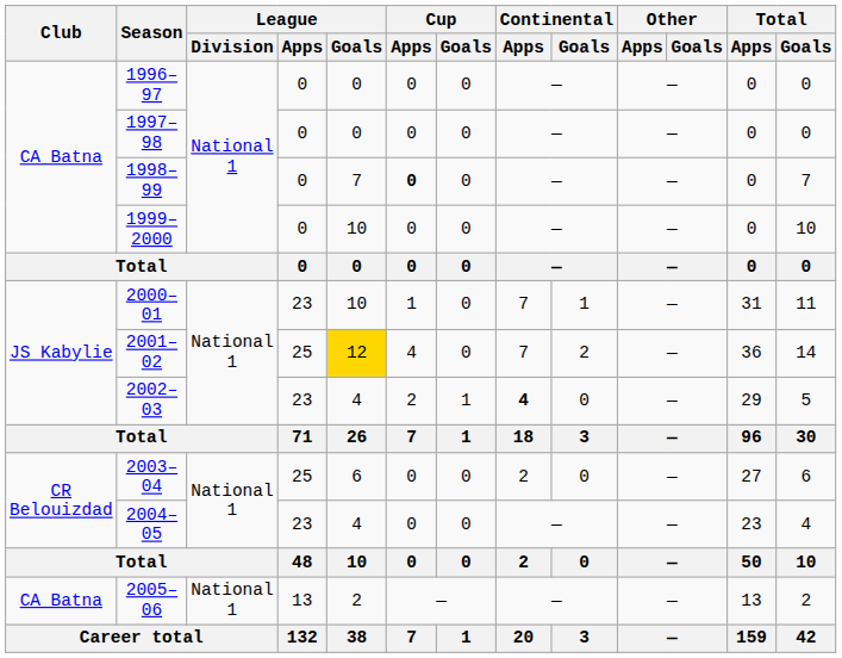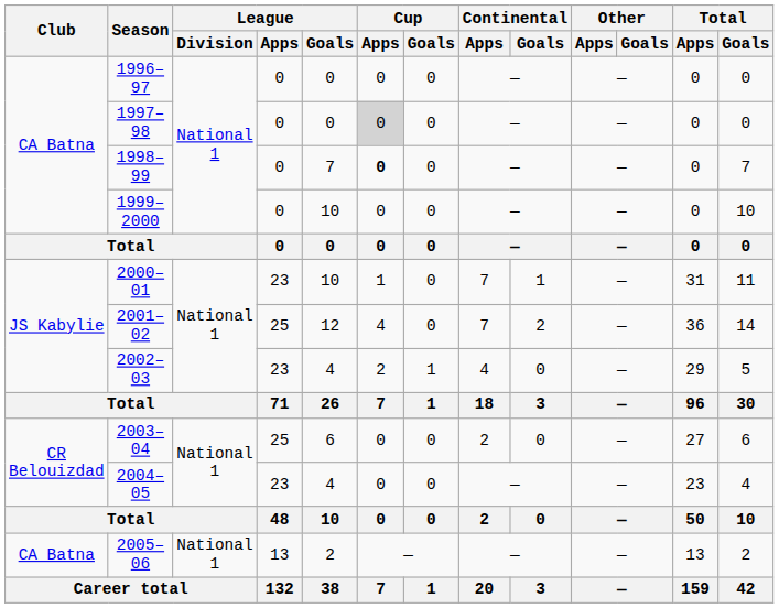 <table class="wikitable" style="text-align: center">
 <tr>
 <th rowspan="2">Club</th>
 <th rowspan="2">Season</th>
 <th colspan="3">League</th>
 <th colspan="2">Cup</th>
 <th colspan="2">Continental</th>
 <th colspan="2">Other</th>
 <th colspan="2">Total</th>
 </tr>
 <tr>
 <th>Division</th>
 <th>Apps</th>
 <th>Goals</th>
 <th>Apps</th>
 <th>Goals</th>
 <th>Apps</th>
 <th>Goals</th>
 <th>Apps</th>
 <th>Goals</th>
 <th>Apps</th>
 <th>Goals</th>
 </tr>
 <tr>
 <td rowspan="4" valign="center"><a href='#'>CA Batna</a></td>
 <td><a href='#'>1996–97</a></td>
 <td rowspan=4><a href='#'>National 1</a></td>
 <td>0</td>
 <td>0</td>
 <td>0</td>
 <td>0</td>
 <td colspan=2>—</td>
 <td colspan=2>—</td>
 <td>0</td>
 <td>0</td>
 </tr>
 <tr>
 <td><a href='#'>1997–98</a></td>
 <td>0</td>
 <td>0</td>
-<td>0</td>
+<td style="background: lightgrey;">0</td>
 <td>0</td>
 <td colspan=2>—</td>
 <td colspan=2>—</td>
 <td>0</td>
 <td>0</td>
 </tr>
 <tr>
 <td><a href='#'>1998–99</a></td>
 <td>0</td>
 <td>7</td>
 <td><strong>0</strong></td>
 <td>0</td>
 <td colspan=2>—</td>
 <td colspan=2>—</td>
 <td>0</td>
 <td>7</td>
 </tr>
 <tr>
 <td><a href='#'>1999–2000</a></td>
 <td>0</td>
 <td>10</td>
 <td>0</td>
 <td>0</td>
 <td colspan=2>—</td>
 <td colspan=2>—</td>
 <td>0</td>
 <td>10</td>
 </tr>
 <tr>
 <th colspan="3">Total</th>
 <th>0</th>
 <th>0</th>
 <th>0</th>
 <th>0</th>
 <th colspan=2>—</th>
 <th colspan=2>—</th>
 <th>0</th>
 <th>0</th>
 </tr>
 <tr>
 <td rowspan="3" valign="center"><a href='#'>JS Kabylie</a></td>
 <td><a href='#'>2000–01</a></td>
 <td rowspan=3>National 1</td>
 <td>23</td>
 <td>10</td>
 <td>1</td>
 <td>0</td>
 <td>7</td>
 <td>1</td>
 <td colspan=2>—</td>
 <td>31</td>
 <td>11</td>
 </tr>
 <tr>
 <td><a href='#'>2001–02</a></td>
 <td>25</td>
-<td style="background: gold;">12</td>
+<td>12</td>
 <td>4</td>
 <td>0</td>
 <td>7</td>
 <td>2</td>
 <td colspan=2>—</td>
 <td>36</td>
 <td>14</td>
 </tr>
 <tr>
 <td><a href='#'>2002–03</a></td>
 <td>23</td>
 <td>4</td>
 <td>2</td>
 <td>1</td>
-<td><strong>4</strong></td>
+<td>4</td>
 <td>0</td>
 <td colspan=2>—</td>
 <td>29</td>
 <td>5</td>
 </tr>
 <tr>
 <th colspan="3">Total</th>
 <th>71</th>
 <th>26</th>
 <th>7</th>
 <th>1</th>
 <th>18</th>
 <th>3</th>
 <th colspan=2>—</th>
 <th>96</th>
 <th>30</th>
 </tr>
 <tr>
 <td rowspan="2" valign="center"><a href='#'>CR Belouizdad</a></td>
 <td><a href='#'>2003–04</a></td>
 <td rowspan=2>National 1</td>
 <td>25</td>
 <td>6</td>
 <td>0</td>
 <td>0</td>
 <td>2</td>
 <td>0</td>
 <td colspan=2>—</td>
 <td>27</td>
 <td>6</td>
 </tr>
 <tr>
 <td><a href='#'>2004–05</a></td>
 <td>23</td>
 <td>4</td>
 <td>0</td>
 <td>0</td>
 <td colspan=2>—</td>
 <td colspan=2>—</td>
 <td>23</td>
 <td>4</td>
 </tr>
 <tr>
 <th colspan="3">Total</th>
 <th>48</th>
 <th>10</th>
 <th>0</th>
 <th>0</th>
 <th>2</th>
 <th>0</th>
 <th colspan=2>—</th>
 <th>50</th>
 <th>10</th>
 </tr>
 <tr>
 <td valign="center"><a href='#'>CA Batna</a></td>
 <td><a href='#'>2005–06</a></td>
 <td>National 1</td>
 <td>13</td>
 <td>2</td>
 <td colspan=2>—</td>
 <td colspan=2>—</td>
 <td colspan=2>—</td>
 <td>13</td>
 <td>2</td>
 </tr>
 <tr>
 <th colspan="3">Career total</th>
 <th>132</th>
 <th>38</th>
 <th>7</th>
 <th>1</th>
 <th>20</th>
 <th>3</th>
 <th colspan=2>—</th>
 <th>159</th>
 <th>42</th>
 </tr>
 </table>
